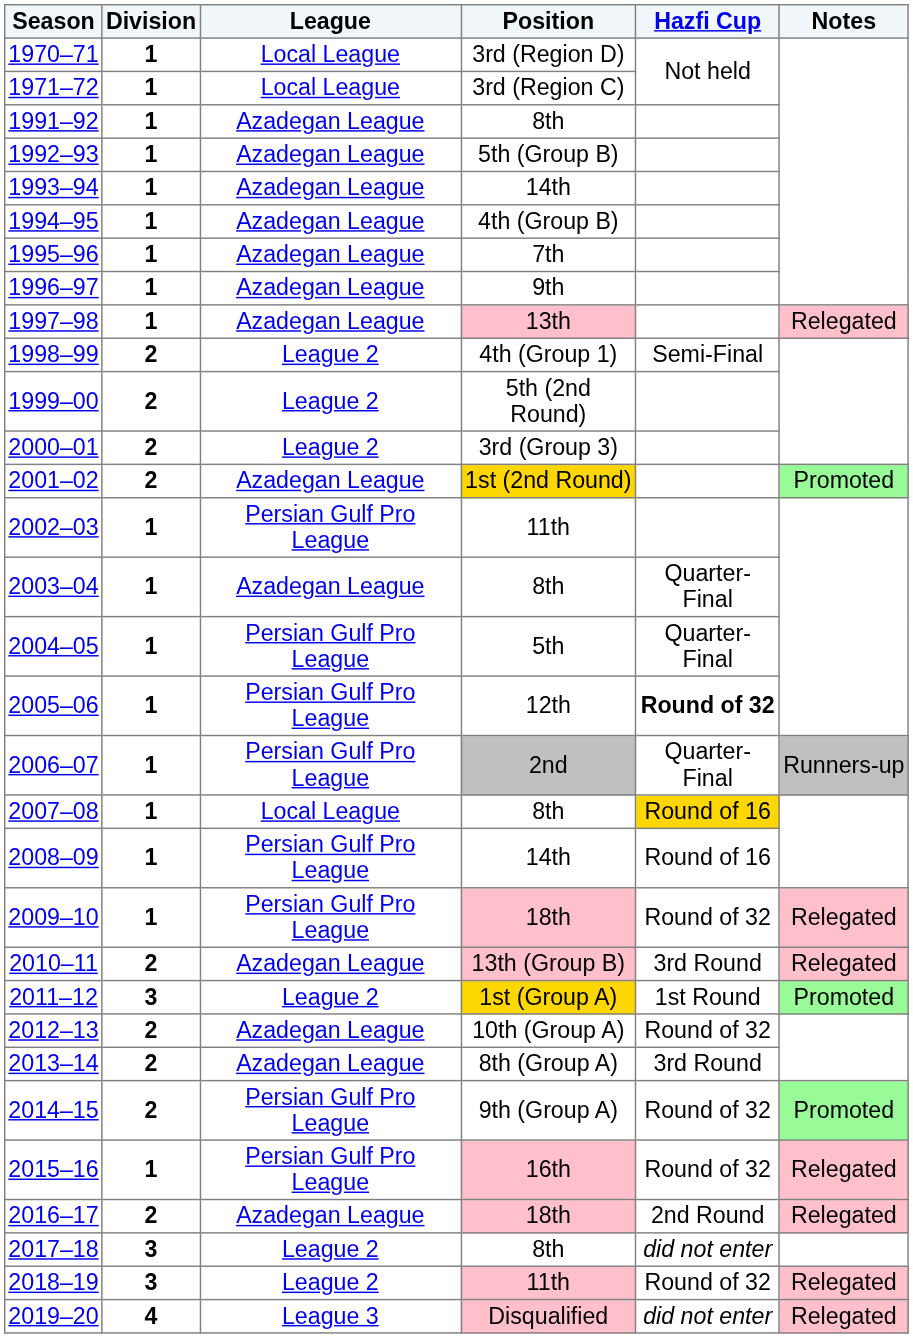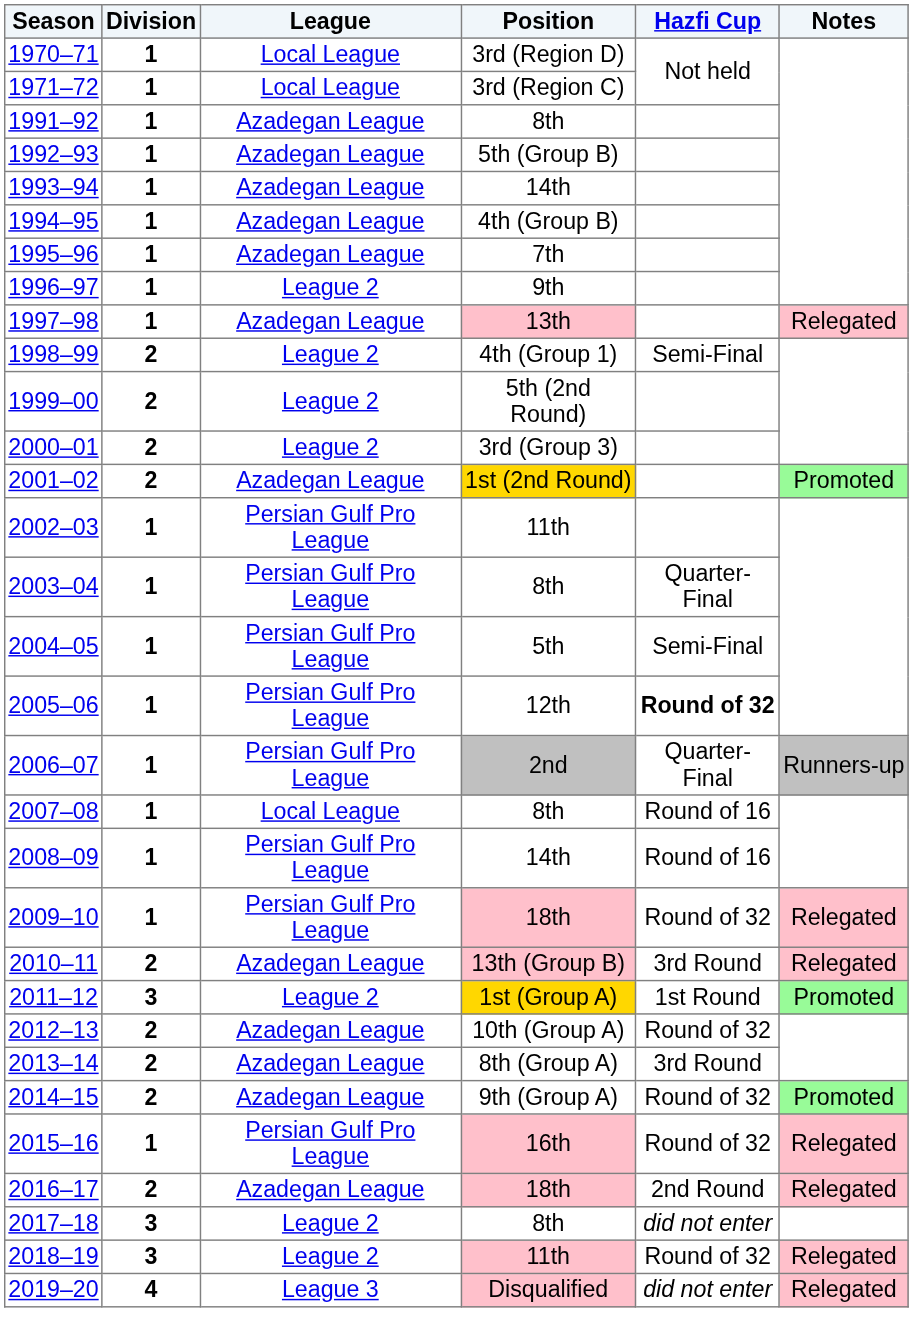 <table border="1" cellpadding="2" style="border-collapse:collapse; text-align:center; font-size:normal;">
 <tr style="background:#f0f6fa;">
 <th>Season</th>
 <th>Division</th>
 <th>League</th>
 <th>Position</th>
 <th><a href='#'>Hazfi Cup</a></th>
 <th>Notes</th>
 </tr>
 <tr>
 <td><a href='#'>1970–71</a></td>
 <td><strong>1</strong></td>
 <td><a href='#'>Local League</a></td>
 <td>3rd (Region D)</td>
 <td rowspan="2" style="text-align:center;">Not held</td>
 <td rowspan="8"></td>
 </tr>
 <tr>
 <td><a href='#'>1971–72</a></td>
 <td><strong>1</strong></td>
 <td><a href='#'>Local League</a></td>
 <td>3rd (Region C)</td>
 </tr>
 <tr>
 <td><a href='#'>1991–92</a></td>
 <td><strong>1</strong></td>
 <td><a href='#'>Azadegan League</a></td>
 <td>8th</td>
 <td></td>
 </tr>
 <tr>
 <td><a href='#'>1992–93</a></td>
 <td><strong>1</strong></td>
 <td><a href='#'>Azadegan League</a></td>
 <td>5th (Group B)</td>
 <td></td>
 </tr>
 <tr>
 <td><a href='#'>1993–94</a></td>
 <td><strong>1</strong></td>
 <td><a href='#'>Azadegan League</a></td>
 <td>14th</td>
 <td></td>
 </tr>
 <tr>
 <td><a href='#'>1994–95</a></td>
 <td><strong>1</strong></td>
 <td><a href='#'>Azadegan League</a></td>
 <td>4th (Group B)</td>
 <td></td>
 </tr>
 <tr>
 <td><a href='#'>1995–96</a></td>
 <td><strong>1</strong></td>
 <td><a href='#'>Azadegan League</a></td>
 <td>7th</td>
 <td></td>
 </tr>
 <tr>
 <td><a href='#'>1996–97</a></td>
 <td><strong>1</strong></td>
-<td><a href='#'>Azadegan League</a></td>
+<td><a href='#'>League 2</a></td>
 <td>9th</td>
 <td></td>
 </tr>
 <tr>
 <td><a href='#'>1997–98</a></td>
 <td><strong>1</strong></td>
 <td><a href='#'>Azadegan League</a></td>
 <td bgcolor=Pink>13th</td>
 <td></td>
 <td bgcolor=Pink>Relegated</td>
 </tr>
 <tr>
 <td><a href='#'>1998–99</a></td>
 <td><strong>2</strong></td>
 <td><a href='#'>League 2</a></td>
 <td>4th (Group 1)</td>
 <td>Semi-Final</td>
 <td rowspan="3"></td>
 </tr>
 <tr>
 <td><a href='#'>1999–00</a></td>
 <td><strong>2</strong></td>
 <td><a href='#'>League 2</a></td>
 <td>5th (2nd Round)</td>
 <td></td>
 </tr>
 <tr>
 <td><a href='#'>2000–01</a></td>
 <td><strong>2</strong></td>
 <td><a href='#'>League 2</a></td>
 <td>3rd (Group 3)</td>
 <td></td>
 </tr>
 <tr>
 <td><a href='#'>2001–02</a></td>
 <td><strong>2</strong></td>
 <td><a href='#'>Azadegan League</a></td>
 <td bgcolor=gold>1st (2nd Round)</td>
 <td></td>
 <td bgcolor=PaleGreen>Promoted</td>
 </tr>
 <tr>
 <td><a href='#'>2002–03</a></td>
 <td><strong>1</strong></td>
 <td><a href='#'>Persian Gulf Pro League</a></td>
 <td>11th</td>
 <td></td>
 <td rowspan="4"></td>
 </tr>
 <tr>
 <td><a href='#'>2003–04</a></td>
 <td><strong>1</strong></td>
-<td><a href='#'>Azadegan League</a></td>
+<td><a href='#'>Persian Gulf Pro League</a></td>
 <td>8th</td>
 <td>Quarter-Final</td>
 </tr>
 <tr>
 <td><a href='#'>2004–05</a></td>
 <td><strong>1</strong></td>
 <td><a href='#'>Persian Gulf Pro League</a></td>
 <td>5th</td>
-<td>Quarter-Final</td>
+<td>Semi-Final</td>
 </tr>
 <tr>
 <td><a href='#'>2005–06</a></td>
 <td><strong>1</strong></td>
 <td><a href='#'>Persian Gulf Pro League</a></td>
 <td>12th</td>
 <td><strong>Round of 32</strong></td>
 </tr>
 <tr>
 <td><a href='#'>2006–07</a></td>
 <td><strong>1</strong></td>
 <td><a href='#'>Persian Gulf Pro League</a></td>
 <td style="background:silver">2nd</td>
 <td>Quarter-Final</td>
 <td style="background:silver">Runners-up</td>
 </tr>
 <tr>
 <td><a href='#'>2007–08</a></td>
 <td><strong>1</strong></td>
 <td><a href='#'>Local League</a></td>
 <td>8th</td>
-<td style="background: gold;">Round of 16</td>
+<td>Round of 16</td>
 <td rowspan="2"></td>
 </tr>
 <tr>
 <td><a href='#'>2008–09</a></td>
 <td><strong>1</strong></td>
 <td><a href='#'>Persian Gulf Pro League</a></td>
 <td>14th</td>
 <td>Round of 16</td>
 </tr>
 <tr>
 <td><a href='#'>2009–10</a></td>
 <td><strong>1</strong></td>
 <td><a href='#'>Persian Gulf Pro League</a></td>
 <td bgcolor=Pink>18th</td>
 <td>Round of 32</td>
 <td bgcolor=Pink>Relegated</td>
 </tr>
 <tr>
 <td><a href='#'>2010–11</a></td>
 <td><strong>2</strong></td>
 <td><a href='#'>Azadegan League</a></td>
 <td bgcolor=Pink>13th (Group B)</td>
 <td>3rd Round</td>
 <td bgcolor=Pink>Relegated</td>
 </tr>
 <tr>
 <td><a href='#'>2011–12</a></td>
 <td><strong>3</strong></td>
 <td><a href='#'>League 2</a></td>
 <td bgcolor=gold>1st (Group A)</td>
 <td>1st Round</td>
 <td bgcolor=PaleGreen>Promoted</td>
 </tr>
 <tr>
 <td><a href='#'>2012–13</a></td>
 <td><strong>2</strong></td>
 <td><a href='#'>Azadegan League</a></td>
 <td>10th (Group A)</td>
 <td>Round of 32</td>
 <td rowspan="2"></td>
 </tr>
 <tr>
 <td><a href='#'>2013–14</a></td>
 <td><strong>2</strong></td>
 <td><a href='#'>Azadegan League</a></td>
 <td>8th (Group A)</td>
 <td>3rd Round</td>
 </tr>
 <tr>
 <td><a href='#'>2014–15</a></td>
 <td><strong>2</strong></td>
-<td><a href='#'>Persian Gulf Pro League</a></td>
+<td><a href='#'>Azadegan League</a></td>
 <td>9th (Group A)</td>
 <td>Round of 32</td>
 <td bgcolor=PaleGreen>Promoted</td>
 </tr>
 <tr>
 <td><a href='#'>2015–16</a></td>
 <td><strong>1</strong></td>
 <td><a href='#'>Persian Gulf Pro League</a></td>
 <td bgcolor=Pink>16th</td>
 <td>Round of 32</td>
 <td bgcolor=Pink>Relegated</td>
 </tr>
 <tr>
 <td><a href='#'>2016–17</a></td>
 <td><strong>2</strong></td>
 <td><a href='#'>Azadegan League</a></td>
 <td bgcolor=Pink>18th</td>
 <td>2nd Round</td>
 <td bgcolor=Pink>Relegated</td>
 </tr>
 <tr>
 <td><a href='#'>2017–18</a></td>
 <td><strong>3</strong></td>
 <td><a href='#'>League 2</a></td>
 <td>8th</td>
 <td><em>did not enter</em></td>
 </tr>
 <tr>
 <td><a href='#'>2018–19</a></td>
 <td><strong>3</strong></td>
 <td><a href='#'>League 2</a></td>
 <td bgcolor=Pink>11th</td>
 <td>Round of 32</td>
 <td bgcolor=Pink>Relegated</td>
 </tr>
 <tr>
 <td><a href='#'>2019–20</a></td>
 <td><strong>4</strong></td>
 <td><a href='#'>League 3</a></td>
 <td bgcolor=Pink>Disqualified</td>
 <td><em>did not enter</em></td>
 <td bgcolor=Pink>Relegated</td>
 </tr>
 </table>
